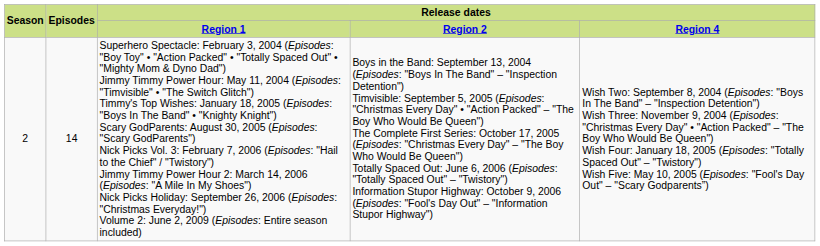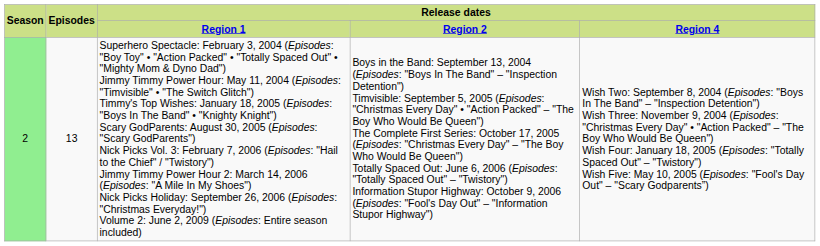 <table class="wikitable">
 <tr>
 <th rowspan=2 style="background:#cce087;color:#">Season</th>
 <th rowspan=2 style="background:#cce087;color:#">Episodes</th>
 <th colspan=3 style="background:#cce087;color:#">Release dates</th>
 </tr>
 <tr>
 <th style="background:#cce087;color:#"><a href='#'>Region 1</a></th>
 <th style="background:#cce087;color:#"><a href='#'>Region 2</a></th>
 <th style="background:#cce087;color:#"><a href='#'>Region 4</a></th>
 </tr>
 <tr>
-<td style="text-align: center">2</td>
-<td style="text-align: center">14</td>
+<td style="background: lightgreen; text-align: center">2</td>
+<td style="text-align: center">13</td>
 <td>Superhero Spectacle: February 3, 2004 (<em>Episodes</em>: "Boy Toy" • "Action Packed" • "Totally Spaced Out" • "Mighty Mom & Dyno Dad")<br>Jimmy Timmy Power Hour: May 11, 2004 (<em>Episodes</em>: "Timvisible" • "The Switch Glitch")<br>Timmy's Top Wishes: January 18, 2005 (<em>Episodes</em>: "Boys In The Band" • "Knighty Knight")<br>Scary GodParents: August 30, 2005 (<em>Episodes</em>: "Scary GodParents")<br>Nick Picks Vol. 3: February 7, 2006 (<em>Episodes</em>: "Hail to the Chief" / "Twistory")<br>Jimmy Timmy Power Hour 2: March 14, 2006 (<em>Episodes</em>: "A Mile In My Shoes")<br>Nick Picks Holiday: September 26, 2006 (<em>Episodes</em>: "Christmas Everyday!")<br>Volume 2: June 2, 2009 (<em>Episodes</em>: Entire season included)</td>
 <td>Boys in the Band: September 13, 2004 (<em>Episodes</em>: "Boys In The Band" – "Inspection Detention")<br>Timvisible: September 5, 2005 (<em>Episodes</em>: "Christmas Every Day" • "Action Packed" – "The Boy Who Would Be Queen")<br>The Complete First Series: October 17, 2005 (<em>Episodes</em>: "Christmas Every Day" – "The Boy Who Would Be Queen")<br>Totally Spaced Out: June 6, 2006 (<em>Episodes</em>: "Totally Spaced Out" – "Twistory")<br>Information Stupor Highway: October 9, 2006 (<em>Episodes</em>: "Fool's Day Out" – "Information Stupor Highway")</td>
 <td>Wish Two: September 8, 2004 (<em>Episodes</em>: "Boys In The Band" – "Inspection Detention")<br>Wish Three: November 9, 2004 (<em>Episodes</em>: "Christmas Every Day" • "Action Packed" – "The Boy Who Would Be Queen")<br>Wish Four: January 18, 2005 (<em>Episodes</em>: "Totally Spaced Out" – "Twistory")<br>Wish Five: May 10, 2005 (<em>Episodes</em>: "Fool's Day Out" – "Scary Godparents”)</td>
 </tr>
 </table>
